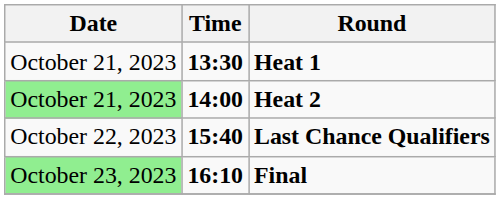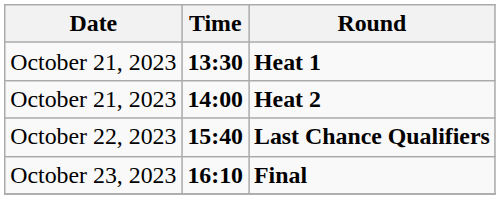 <table class="wikitable">
 <tr>
 <th>Date</th>
 <th>Time</th>
 <th>Round</th>
 </tr>
 <tr>
 <td>October 21, 2023</td>
 <td><strong>13:30</strong></td>
 <td><strong>Heat 1</strong></td>
 </tr>
 <tr>
-<td style="background: lightgreen;">October 21, 2023</td>
+<td>October 21, 2023</td>
 <td><strong>14:00</strong></td>
 <td><strong>Heat 2</strong></td>
 </tr>
 <tr>
 <td>October 22, 2023</td>
 <td><strong>15:40</strong></td>
 <td><strong>Last Chance Qualifiers</strong></td>
 </tr>
 <tr>
-<td style="background: lightgreen;">October 23, 2023</td>
+<td>October 23, 2023</td>
 <td><strong>16:10</strong></td>
 <td><strong>Final</strong></td>
 </tr>
 <tr>
 </tr>
 </table>
